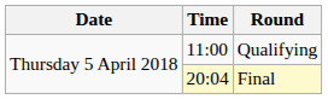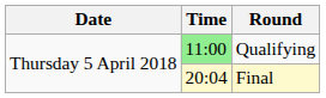 <table class="wikitable">
 <tr>
 <th>Date</th>
 <th>Time</th>
 <th>Round</th>
 </tr>
 <tr>
 <td rowspan=2>Thursday 5 April 2018</td>
-<td>11:00</td>
+<td style="background: lightgreen;">11:00</td>
 <td>Qualifying</td>
 </tr>
 <tr>
 <td style=background:lemonchiffon>20:04</td>
 <td style=background:lemonchiffon>Final</td>
 </tr>
 </table>
